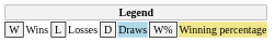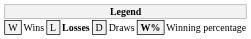 <table class="toccolours" style="font-size: 90%; white-space: nowrap;">
 <tr>
 <th colspan="14" style="background-color: #F2F2F2; border: 1px solid #AAAAAA;">Legend</th>
 </tr>
 <tr>
 <td style="background-color: #F2F2F2; border: 1px solid black"> W </td>
 <td>Wins</td>
 <td style="background-color: #F2F2F2; border: 1px solid black"> L </td>
-<td>Losses</td>
+<td><strong>Losses</strong></td>
 <td style="background-color: #F2F2F2; border: 1px solid black;"> D </td>
-<td style="background: lightblue;">Draws</td>
-<td style="background-color: #F2F2F2; border: 1px solid black;"> W% </td>
-<td style="background: khaki;">Winning percentage</td>
+<td>Draws</td>
+<td style="background-color: #F2F2F2; border: 1px solid black;"><strong> W% </strong></td>
+<td>Winning percentage</td>
 </tr>
 <tr>
 </tr>
 </table>
